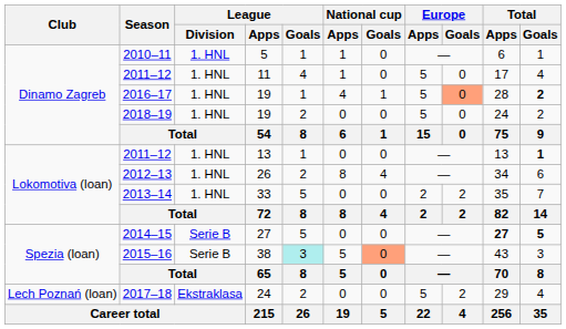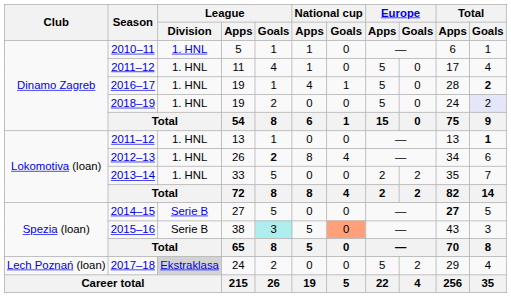 <table class="wikitable" style="text-align: center;">
 <tr>
 <th rowspan="2">Club</th>
 <th rowspan="2">Season</th>
 <th colspan="3">League</th>
 <th colspan="2">National cup</th>
 <th colspan="2"><a href='#'>Europe</a></th>
 <th colspan="2">Total</th>
 </tr>
 <tr>
 <th>Division</th>
 <th>Apps</th>
 <th>Goals</th>
 <th>Apps</th>
 <th>Goals</th>
 <th>Apps</th>
 <th>Goals</th>
 <th>Apps</th>
 <th>Goals</th>
 </tr>
 <tr>
 <td rowspan="5"><a href='#'>Dinamo Zagreb</a></td>
 <td><a href='#'>2010–11</a></td>
 <td><a href='#'>1. HNL</a></td>
 <td>5</td>
 <td>1</td>
 <td>1</td>
 <td>0</td>
 <td colspan="2">—</td>
 <td>6</td>
 <td>1</td>
 </tr>
 <tr>
 <td><a href='#'>2011–12</a></td>
 <td>1. HNL</td>
 <td>11</td>
 <td>4</td>
 <td>1</td>
 <td>0</td>
 <td>5</td>
 <td>0</td>
 <td>17</td>
 <td>4</td>
 </tr>
 <tr>
 <td><a href='#'>2016–17</a></td>
 <td>1. HNL</td>
 <td>19</td>
 <td>1</td>
 <td>4</td>
 <td>1</td>
 <td>5</td>
-<td style="background: lightsalmon;">0</td>
+<td>0</td>
 <td>28</td>
 <td><strong>2</strong></td>
 </tr>
 <tr>
 <td><a href='#'>2018–19</a></td>
 <td>1. HNL</td>
 <td>19</td>
 <td>2</td>
 <td>0</td>
 <td>0</td>
 <td>5</td>
 <td>0</td>
 <td>24</td>
-<td>2</td>
+<td style="background: lavender;">2</td>
 </tr>
 <tr>
 <th colspan="2">Total</th>
 <th>54</th>
 <th>8</th>
 <th>6</th>
 <th>1</th>
 <th>15</th>
 <th>0</th>
 <th>75</th>
 <th>9</th>
 </tr>
 <tr>
 <td rowspan="4"><a href='#'>Lokomotiva</a> (loan)</td>
 <td><a href='#'>2011–12</a></td>
 <td>1. HNL</td>
 <td>13</td>
 <td>1</td>
 <td>0</td>
 <td>0</td>
 <td colspan="2">—</td>
 <td>13</td>
 <td><strong>1</strong></td>
 </tr>
 <tr>
 <td><a href='#'>2012–13</a></td>
 <td>1. HNL</td>
 <td>26</td>
-<td>2</td>
+<td><strong>2</strong></td>
 <td>8</td>
 <td>4</td>
 <td colspan="2">—</td>
 <td>34</td>
 <td>6</td>
 </tr>
 <tr>
 <td><a href='#'>2013–14</a></td>
 <td>1. HNL</td>
 <td>33</td>
 <td>5</td>
 <td>0</td>
 <td>0</td>
 <td>2</td>
 <td>2</td>
 <td>35</td>
 <td>7</td>
 </tr>
 <tr>
 <th colspan="2">Total</th>
 <th>72</th>
 <th>8</th>
 <th>8</th>
 <th>4</th>
 <th>2</th>
 <th>2</th>
 <th>82</th>
 <th>14</th>
 </tr>
 <tr>
 <td rowspan="3"><a href='#'>Spezia</a> (loan)</td>
 <td><a href='#'>2014–15</a></td>
 <td><a href='#'>Serie B</a></td>
 <td>27</td>
 <td>5</td>
 <td>0</td>
 <td>0</td>
 <td colspan="2">—</td>
 <td><strong>27</strong></td>
-<td><strong>5</strong></td>
+<td>5</td>
 </tr>
 <tr>
 <td><a href='#'>2015–16</a></td>
 <td>Serie B</td>
 <td>38</td>
 <td style="background: paleturquoise;">3</td>
 <td>5</td>
 <td style="background: lightsalmon;">0</td>
 <td colspan="2">—</td>
 <td>43</td>
 <td>3</td>
 </tr>
 <tr>
 <th colspan="2">Total</th>
 <th>65</th>
 <th>8</th>
 <th>5</th>
 <th>0</th>
 <th colspan="2">—</th>
 <th>70</th>
 <th>8</th>
 </tr>
 <tr>
 <td rowspan="1"><a href='#'>Lech Poznań</a> (loan)</td>
 <td><a href='#'>2017–18</a></td>
-<td><a href='#'>Ekstraklasa</a></td>
+<td style="background: lightgrey;"><a href='#'>Ekstraklasa</a></td>
 <td>24</td>
 <td>2</td>
 <td>0</td>
 <td>0</td>
 <td>5</td>
 <td>2</td>
 <td>29</td>
 <td>4</td>
 </tr>
 <tr>
 <th colspan="3">Career total</th>
 <th>215</th>
 <th>26</th>
 <th>19</th>
 <th>5</th>
 <th>22</th>
 <th>4</th>
 <th>256</th>
 <th>35</th>
 </tr>
 </table>
